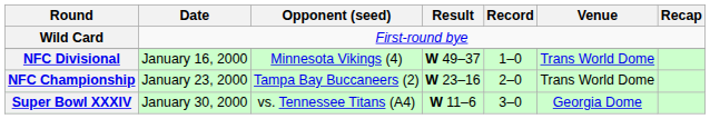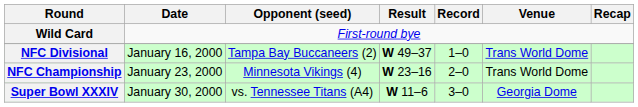 <table class="wikitable" style="text-align:center">
 <tr>
 <th>Round</th>
 <th>Date</th>
 <th>Opponent (seed)</th>
 <th>Result</th>
 <th>Record</th>
 <th>Venue</th>
 <th>Recap</th>
 </tr>
 <tr>
 <th>Wild Card</th>
 <td colspan="6" align="center"><em><a href='#'>First-round bye</a></em></td>
 </tr>
 <tr>
 </tr>
 <tr style="background:#cfc">
 <th><a href='#'>NFC Divisional</a></th>
 <td>January 16, 2000</td>
-<td><a href='#'>Minnesota Vikings</a> (4)</td>
+<td><a href='#'>Tampa Bay Buccaneers</a> (2)</td>
 <td><strong>W</strong> 49–37</td>
 <td>1–0</td>
 <td><a href='#'>Trans World Dome</a></td>
 <td></td>
 </tr>
 <tr style="background:#cfc">
 <th><a href='#'>NFC Championship</a></th>
 <td>January 23, 2000</td>
-<td><a href='#'>Tampa Bay Buccaneers</a> (2)</td>
+<td><a href='#'>Minnesota Vikings</a> (4)</td>
 <td><strong>W</strong> 23–16</td>
 <td>2–0</td>
 <td>Trans World Dome</td>
 <td></td>
 </tr>
 <tr style="background:#cfc">
 <th><a href='#'>Super Bowl XXXIV</a></th>
 <td>January 30, 2000</td>
 <td>vs. <a href='#'>Tennessee Titans</a> (A4)</td>
 <td><strong>W</strong> 11–6</td>
 <td>3–0</td>
 <td><a href='#'>Georgia Dome</a></td>
 <td></td>
 </tr>
 </table>
